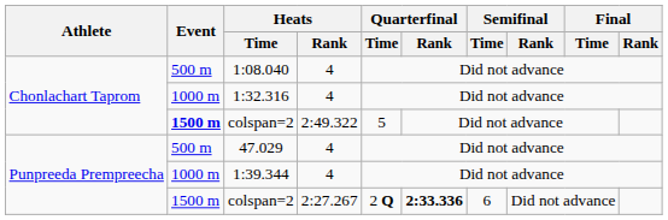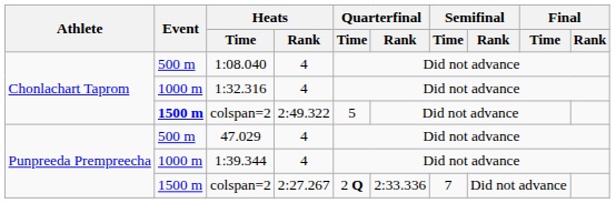 <table class="wikitable" style="font-size:90%">
 <tr>
 <th rowspan=2>Athlete</th>
 <th rowspan=2>Event</th>
 <th colspan=2>Heats</th>
 <th colspan=2>Quarterfinal</th>
 <th colspan=2>Semifinal</th>
 <th colspan=2>Final</th>
 </tr>
 <tr style="font-size:95%">
 <th>Time</th>
 <th>Rank</th>
 <th>Time</th>
 <th>Rank</th>
 <th>Time</th>
 <th>Rank</th>
 <th>Time</th>
 <th>Rank</th>
 </tr>
 <tr align=center>
 <td align=left rowspan=3><a href='#'>Chonlachart Taprom</a></td>
 <td align=left><a href='#'>500 m</a></td>
 <td>1:08.040</td>
 <td>4</td>
 <td colspan=6>Did not advance</td>
 </tr>
 <tr align=center>
 <td align=left><a href='#'>1000 m</a></td>
 <td>1:32.316</td>
 <td>4</td>
 <td colspan=6>Did not advance</td>
 </tr>
 <tr align=center>
 <td align=left><strong><a href='#'>1500 m</a></strong></td>
 <td>colspan=2 </td>
 <td>2:49.322</td>
 <td>5</td>
 <td colspan=4>Did not advance</td>
 </tr>
 <tr align=center>
 <td align=left rowspan=3><a href='#'>Punpreeda Prempreecha</a></td>
 <td align=left><a href='#'>500 m</a></td>
 <td>47.029</td>
 <td>4</td>
 <td colspan=6>Did not advance</td>
 </tr>
 <tr align=center>
 <td align=left><a href='#'>1000 m</a></td>
 <td>1:39.344</td>
 <td>4</td>
 <td colspan=6>Did not advance</td>
 </tr>
 <tr align=center>
 <td align=left><a href='#'>1500 m</a></td>
 <td>colspan=2 </td>
 <td>2:27.267</td>
 <td>2 <strong>Q</strong></td>
-<td><strong>2:33.336</strong></td>
-<td>6</td>
+<td>2:33.336</td>
+<td>7</td>
 <td colspan=2>Did not advance</td>
 </tr>
 </table>
